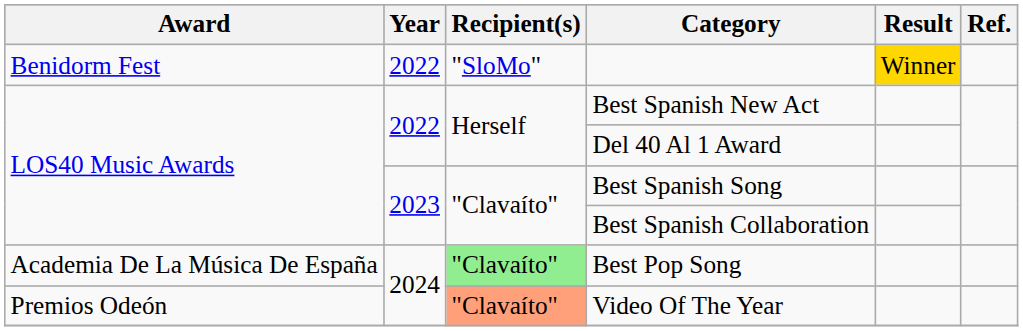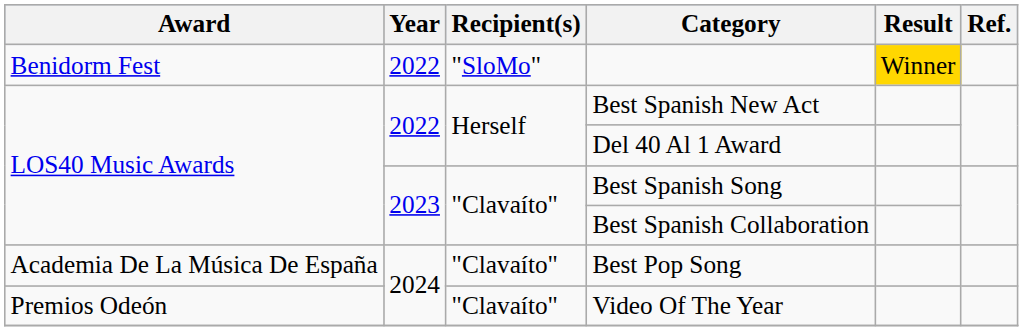 <table class="wikitable">
 <tr style="background:#b0c4de; text-align:center;">
 <th>Award</th>
 <th>Year</th>
 <th>Recipient(s)</th>
 <th>Category</th>
 <th>Result</th>
 <th>Ref.</th>
 </tr>
 <tr>
 <td><a href='#'>Benidorm Fest</a></td>
 <td><a href='#'>2022</a></td>
 <td>"<a href='#'>SloMo</a>"</td>
 <td></td>
 <td bgcolor=gold align=center>Winner</td>
 <td></td>
 </tr>
 <tr>
 <td rowspan="4"><a href='#'>LOS40 Music Awards</a></td>
 <td rowspan="2"><a href='#'>2022</a></td>
 <td rowspan="2">Herself</td>
 <td>Best Spanish New Act</td>
 <td></td>
 <td rowspan="2"></td>
 </tr>
 <tr>
 <td>Del 40 Al 1 Award</td>
 <td></td>
 </tr>
 <tr>
 <td rowspan="2"><a href='#'>2023</a></td>
 <td rowspan="2">"Clavaíto"</td>
 <td>Best Spanish Song</td>
 <td></td>
 <td rowspan="2"></td>
 </tr>
 <tr>
 <td>Best Spanish Collaboration</td>
 <td></td>
 </tr>
 <tr>
 <td rowspan="1">Academia De La Música De España</td>
 <td rowspan="2">2024</td>
-<td rowspan="1" style="background: lightgreen;">"Clavaíto"</td>
+<td rowspan="1">"Clavaíto"</td>
 <td>Best Pop Song</td>
 <td></td>
 <td rowspan="1"></td>
 </tr>
 <tr>
 <td rowspan="1">Premios Odeón</td>
-<td style="background: lightsalmon;">"Clavaíto"</td>
+<td>"Clavaíto"</td>
 <td>Video Of The Year</td>
 <td></td>
 <td></td>
 </tr>
 <tr>
 </tr>
 </table>
